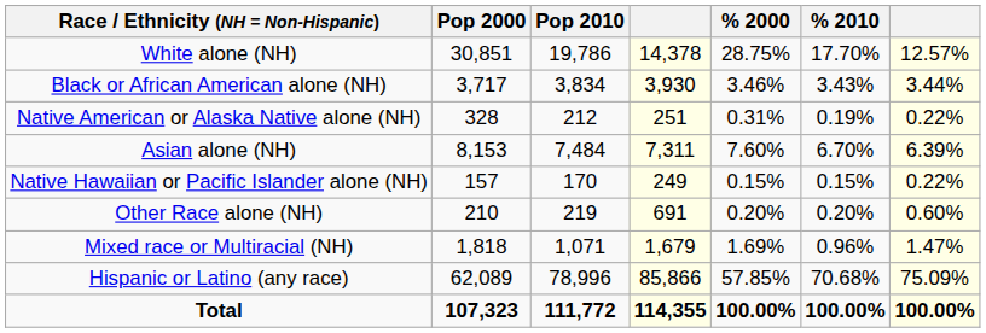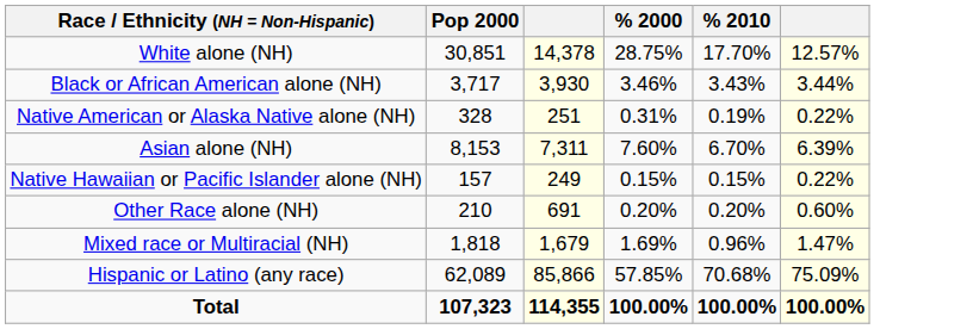 <table class="wikitable" style="text-align:center;">
 <tr>
 <th>Race / Ethnicity <small>(<em>NH = Non-Hispanic</em>)</small></th>
 <th>Pop 2000</th>
-<th>Pop 2010</th>
 <th></th>
 <th>% 2000</th>
 <th>% 2010</th>
 <th></th>
 </tr>
 <tr>
 <td><a href='#'>White</a> alone (NH)</td>
 <td>30,851</td>
-<td>19,786</td>
 <td style='background: #ffffe6;'>14,378</td>
 <td>28.75%</td>
 <td>17.70%</td>
 <td style='background: #ffffe6;'>12.57%</td>
 </tr>
 <tr>
 <td><a href='#'>Black or African American</a> alone (NH)</td>
 <td>3,717</td>
-<td>3,834</td>
 <td style='background: #ffffe6;'>3,930</td>
 <td>3.46%</td>
 <td>3.43%</td>
 <td style='background: #ffffe6;'>3.44%</td>
 </tr>
 <tr>
 <td><a href='#'>Native American</a> or <a href='#'>Alaska Native</a> alone (NH)</td>
 <td>328</td>
-<td>212</td>
 <td style='background: #ffffe6;'>251</td>
 <td>0.31%</td>
 <td>0.19%</td>
 <td style='background: #ffffe6;'>0.22%</td>
 </tr>
 <tr>
 <td><a href='#'>Asian</a> alone (NH)</td>
 <td>8,153</td>
-<td>7,484</td>
 <td style='background: #ffffe6;'>7,311</td>
 <td>7.60%</td>
 <td>6.70%</td>
 <td style='background: #ffffe6;'>6.39%</td>
 </tr>
 <tr>
 <td><a href='#'>Native Hawaiian</a> or <a href='#'>Pacific Islander</a> alone (NH)</td>
 <td>157</td>
-<td>170</td>
 <td style='background: #ffffe6;'>249</td>
 <td>0.15%</td>
 <td>0.15%</td>
 <td style='background: #ffffe6;'>0.22%</td>
 </tr>
 <tr>
 <td><a href='#'>Other Race</a> alone (NH)</td>
 <td>210</td>
-<td>219</td>
 <td style='background: #ffffe6;'>691</td>
 <td>0.20%</td>
 <td>0.20%</td>
 <td style='background: #ffffe6;'>0.60%</td>
 </tr>
 <tr>
 <td><a href='#'>Mixed race or Multiracial</a> (NH)</td>
 <td>1,818</td>
-<td>1,071</td>
 <td style='background: #ffffe6;'>1,679</td>
 <td>1.69%</td>
 <td>0.96%</td>
 <td style='background: #ffffe6;'>1.47%</td>
 </tr>
 <tr>
 <td><a href='#'>Hispanic or Latino</a> (any race)</td>
 <td>62,089</td>
-<td>78,996</td>
 <td style='background: #ffffe6;'>85,866</td>
 <td>57.85%</td>
 <td>70.68%</td>
 <td style='background: #ffffe6;'>75.09%</td>
 </tr>
 <tr>
 <td><strong>Total</strong></td>
 <td><strong>107,323</strong></td>
-<td><strong>111,772</strong></td>
 <td style='background: #ffffe6;'><strong>114,355</strong></td>
 <td><strong>100.00%</strong></td>
 <td><strong>100.00%</strong></td>
 <td style='background: #ffffe6;'><strong>100.00%</strong></td>
 </tr>
 </table>
